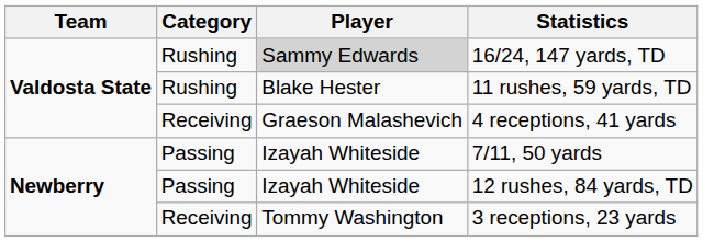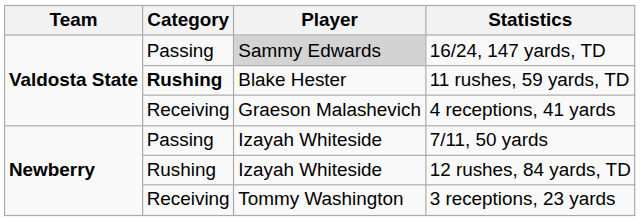 <table class="wikitable" style="float: left;">
 <tr>
 <th>Team</th>
 <th>Category</th>
 <th>Player</th>
 <th>Statistics</th>
 </tr>
 <tr>
 <td rowspan=3><strong>Valdosta State</strong></td>
-<td>Rushing</td>
+<td>Passing</td>
 <td style="background: lightgrey;">Sammy Edwards</td>
 <td>16/24, 147 yards, TD</td>
 </tr>
 <tr>
-<td>Rushing</td>
+<td><strong>Rushing</strong></td>
 <td>Blake Hester</td>
 <td>11 rushes, 59 yards, TD</td>
 </tr>
 <tr>
 <td>Receiving</td>
 <td>Graeson Malashevich</td>
 <td>4 receptions, 41 yards</td>
 </tr>
 <tr>
 <td rowspan=3><strong>Newberry</strong></td>
 <td>Passing</td>
 <td>Izayah Whiteside</td>
 <td>7/11, 50 yards</td>
 </tr>
 <tr>
-<td>Passing</td>
+<td>Rushing</td>
 <td>Izayah Whiteside</td>
 <td>12 rushes, 84 yards, TD</td>
 </tr>
 <tr>
 <td>Receiving</td>
 <td>Tommy Washington</td>
 <td>3 receptions, 23 yards</td>
 </tr>
 </table>
